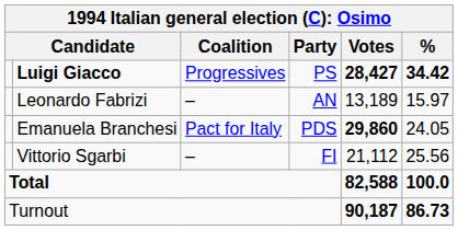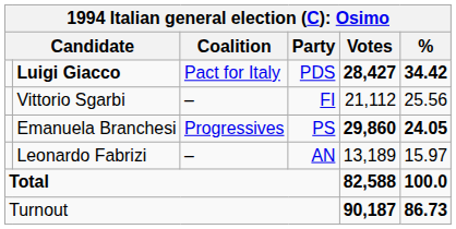 <table class=wikitable style=text-align:right>
 <tr>
 <th colspan=6>1994 Italian general election (<a href='#'>C</a>): <a href='#'>Osimo</a></th>
 </tr>
 <tr>
 <th colspan=2>Candidate</th>
 <th>Coalition</th>
 <th>Party</th>
 <th>Votes</th>
 <th>%</th>
 </tr>
 <tr>
 <td></td>
 <td align=left><strong>Luigi Giacco</strong></td>
+<td align=left><a href='#'>Pact for Italy</a></td>
+<td><a href='#'>PDS</a></td>
+<td><strong>28,427</strong></td>
+<td><strong>34.42</strong></td>
+</tr>
+<tr>
+<td></td>
+<td align=left>Vittorio Sgarbi</td>
+<td align=left>–</td>
+<td><a href='#'>FI</a></td>
+<td>21,112</td>
+<td>25.56</td>
+</tr>
+<tr>
+<td></td>
+<td align=left>Emanuela Branchesi</td>
 <td align=left><a href='#'>Progressives</a></td>
 <td><a href='#'>PS</a></td>
-<td><strong>28,427</strong></td>
-<td><strong>34.42</strong></td>
+<td><strong>29,860</strong></td>
+<td><strong>24.05</strong></td>
 </tr>
 <tr>
 <td></td>
 <td align=left>Leonardo Fabrizi</td>
 <td align=left>–</td>
 <td><a href='#'>AN</a></td>
 <td>13,189</td>
 <td>15.97</td>
-</tr>
-<tr>
-<td></td>
-<td align=left>Emanuela Branchesi</td>
-<td align=left><a href='#'>Pact for Italy</a></td>
-<td><a href='#'>PDS</a></td>
-<td><strong>29,860</strong></td>
-<td>24.05</td>
-</tr>
-<tr>
-<td></td>
-<td align=left>Vittorio Sgarbi</td>
-<td align=left>–</td>
-<td><a href='#'>FI</a></td>
-<td>21,112</td>
-<td>25.56</td>
 </tr>
 <tr>
 <td align=left colspan=4><strong>Total</strong></td>
 <td><strong>82,588</strong></td>
 <td><strong>100.0</strong></td>
 </tr>
 <tr>
 <td align=left colspan=4>Turnout</td>
 <td><strong>90,187</strong></td>
 <td><strong>86.73</strong></td>
 </tr>
 </table>
